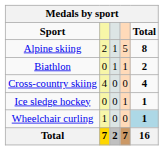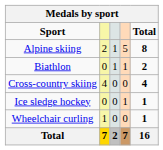 <table class="wikitable" style="font-size:85%;float:right;clear:right;margin-left:0.5em;">
 <tr style="background:#efefef;">
 <th colspan=5>Medals by sport</th>
 </tr>
 <tr align=center>
 <td><strong>Sport</strong></td>
 <td bgcolor=#f7f6a8></td>
 <td bgcolor=#dce5e5></td>
 <td bgcolor=#ffdab9></td>
 <td><strong>Total</strong></td>
 </tr>
 <tr align=center>
 <td><a href='#'>Alpine skiing</a></td>
 <td style="background:#F7F6A8;">2</td>
 <td style="background:#DCE5E5;">1</td>
 <td style="background:#FFDAB9;">5</td>
 <td><strong>8</strong></td>
 </tr>
 <tr align=center>
 <td><a href='#'>Biathlon</a></td>
 <td style="background:#F7F6A8;">0</td>
 <td style="background:#DCE5E5;">1</td>
 <td style="background:#FFDAB9;">1</td>
 <td><strong>2</strong></td>
 </tr>
 <tr align=center>
 <td><a href='#'>Cross-country skiing</a></td>
 <td style="background:#F7F6A8;">4</td>
 <td style="background:#DCE5E5;">0</td>
 <td style="background:#FFDAB9;">0</td>
 <td><strong>4</strong></td>
 </tr>
 <tr align=center>
 <td><a href='#'>Ice sledge hockey</a></td>
 <td style="background:#F7F6A8;">0</td>
 <td style="background:#DCE5E5;">0</td>
 <td style="background:#FFDAB9;">1</td>
 <td><strong>1</strong></td>
 </tr>
 <tr align=center>
 <td><a href='#'>Wheelchair curling</a></td>
 <td style="background:#F7F6A8;">1</td>
 <td style="background:#DCE5E5;">0</td>
 <td style="background:#FFDAB9;">0</td>
-<td style="background: lightblue;"><strong>1</strong></td>
+<td><strong>1</strong></td>
 </tr>
 <tr align=center>
 <th>Total</th>
 <th style="background:gold;">7</th>
 <th style="background:silver;">2</th>
 <th style="background:#c96;">7</th>
 <th>16</th>
 </tr>
 </table>
